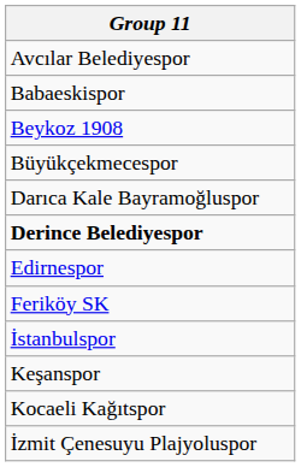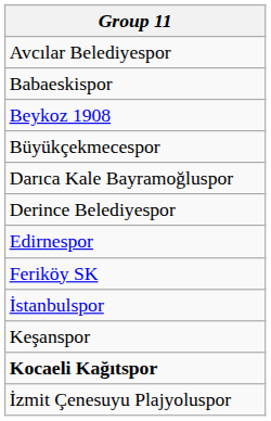 <table class="wikitable collapsible collapsed" style="font-size:95%;">
 <tr>
 <th colspan="1" width="200"><em>Group 11</em></th>
 </tr>
 <tr>
 <td>Avcılar Belediyespor</td>
 </tr>
 <tr>
 <td>Babaeskispor</td>
 </tr>
 <tr>
 <td><a href='#'>Beykoz 1908</a></td>
 </tr>
 <tr>
 <td>Büyükçekmecespor</td>
 </tr>
 <tr>
 <td>Darıca Kale Bayramoğluspor</td>
 </tr>
 <tr>
-<td><strong>Derince Belediyespor</strong></td>
+<td>Derince Belediyespor</td>
 </tr>
 <tr>
 <td><a href='#'>Edirnespor</a></td>
 </tr>
 <tr>
 <td><a href='#'>Feriköy SK</a></td>
 </tr>
 <tr>
 <td><a href='#'>İstanbulspor</a></td>
 </tr>
 <tr>
 <td>Keşanspor</td>
 </tr>
 <tr>
-<td>Kocaeli Kağıtspor</td>
+<td><strong>Kocaeli Kağıtspor</strong></td>
 </tr>
 <tr>
 <td>İzmit Çenesuyu Plajyoluspor</td>
 </tr>
 </table>
